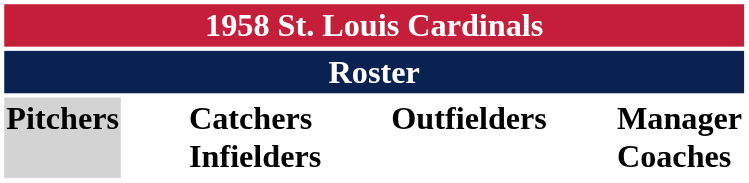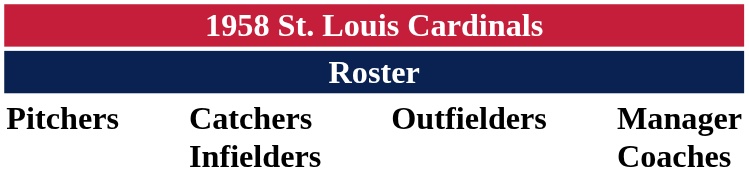 <table class="toccolours" style="font-size: 95%;">
 <tr>
 <th colspan="10" style="background-color: #c41e3a; color: white; text-align: center;">1958 St. Louis Cardinals</th>
 </tr>
 <tr>
 <td colspan="10" style="background-color: #0a2252; color: white; text-align: center;"><strong>Roster</strong></td>
 </tr>
 <tr>
-<td valign="top" style="background: lightgrey;"><strong>Pitchers</strong><br>                  </td>
+<td valign="top"><strong>Pitchers</strong><br>                  </td>
 <td width="25px"></td>
 <td valign="top"><strong>Catchers</strong><br>   <strong>Infielders</strong>            </td>
 <td width="25px"></td>
 <td valign="top"><strong>Outfielders</strong><br>       </td>
 <td width="25px"></td>
 <td valign="top"><strong>Manager</strong><br>  <strong>Coaches</strong>   </td>
 </tr>
 </table>
